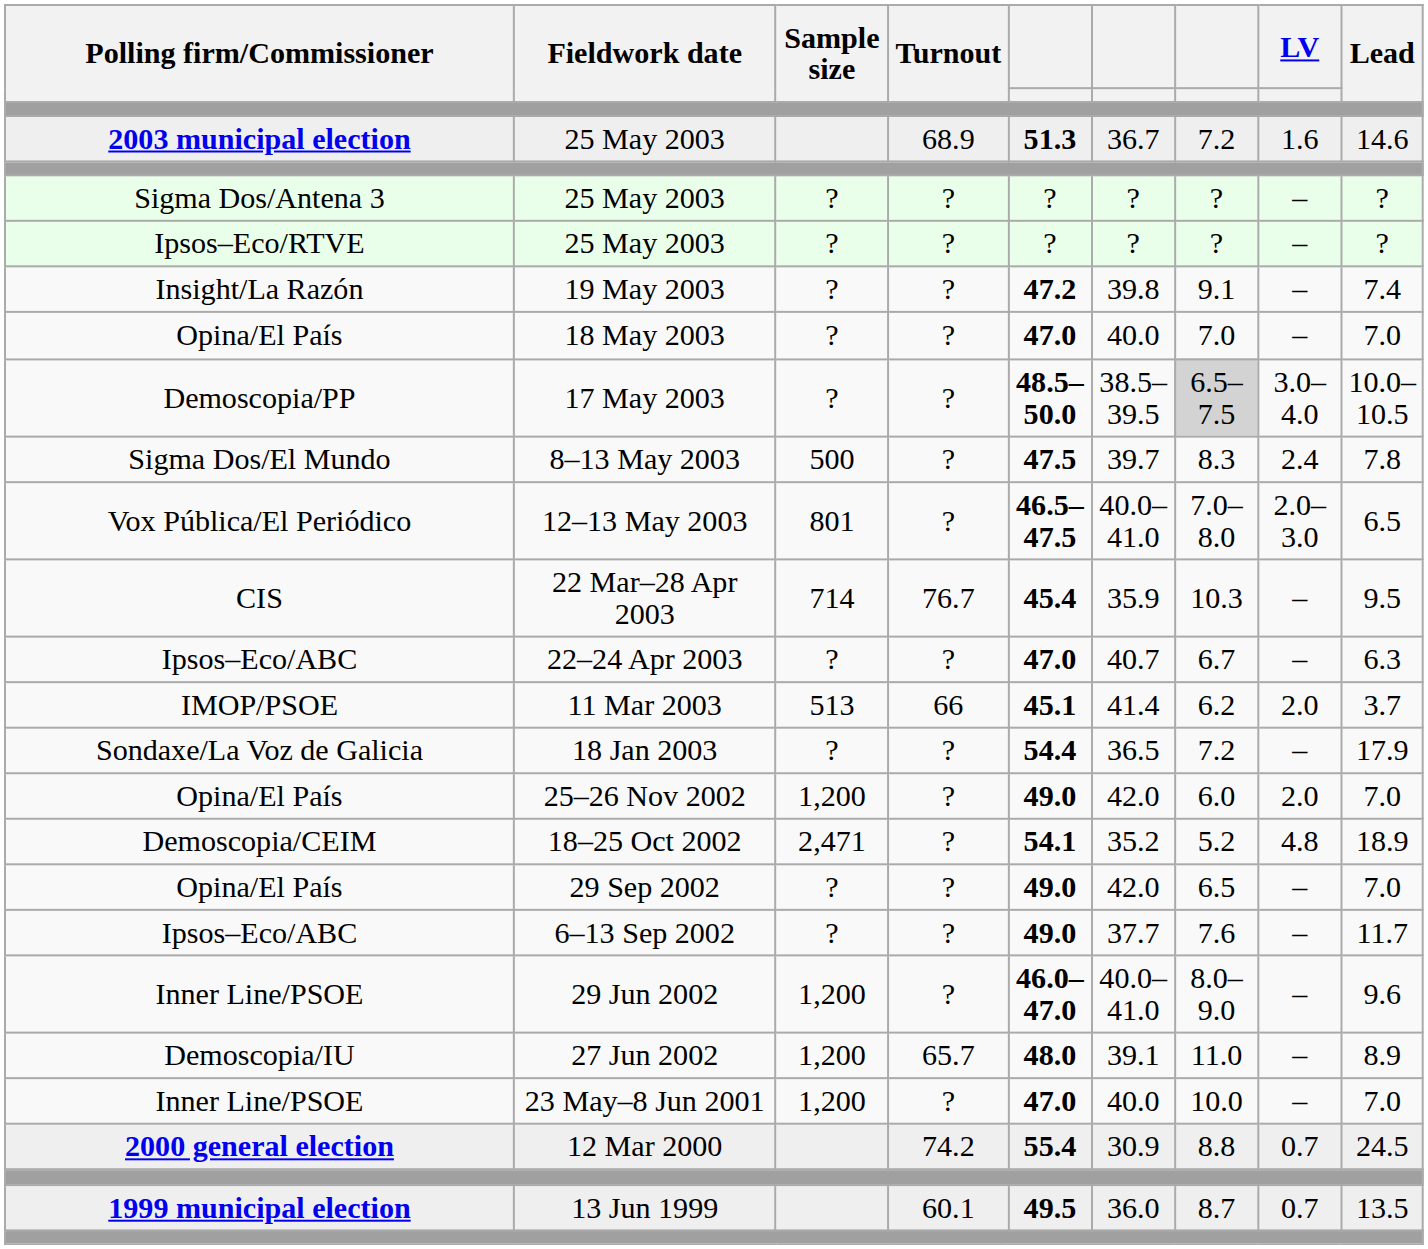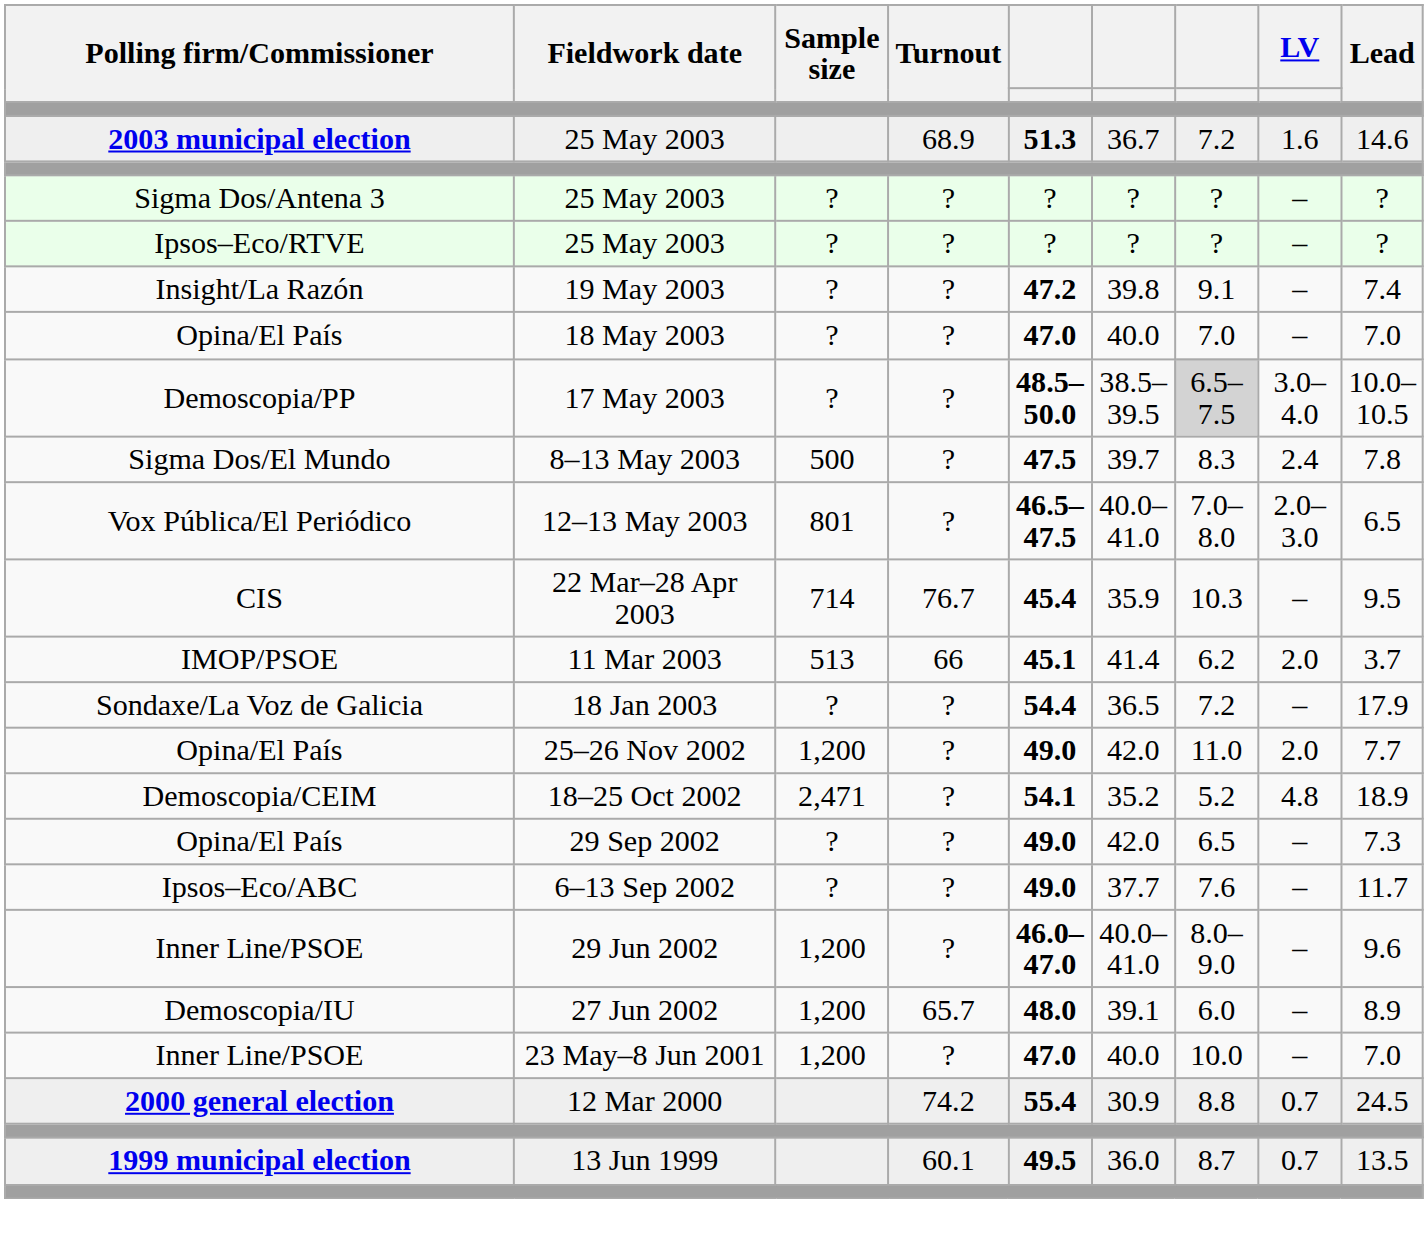 <table class="wikitable collapsible collapsed" style="text-align:center; font-size:95%; line-height:16px;">
 <tr style="height:42px;">
 <th style="width:250px;" rowspan="2">Polling firm/Commissioner</th>
 <th style="width:125px;" rowspan="2">Fieldwork date</th>
 <th style="width:50px;" rowspan="2">Sample size</th>
 <th style="width:45px;" rowspan="2">Turnout</th>
 <th style="width:35px;"></th>
 <th style="width:35px;"></th>
 <th style="width:35px;"></th>
 <th style="width:35px;"><a href='#'>LV</a></th>
 <th style="width:30px;" rowspan="2">Lead</th>
 </tr>
 <tr>
 <th style="color:inherit;background:"></th>
 <th style="color:inherit;background:"></th>
 <th style="color:inherit;background:"></th>
 <th style="color:inherit;background:"></th>
 </tr>
 <tr>
 <td colspan="9" style="background:#A0A0A0"></td>
 </tr>
 <tr style="background:#EFEFEF;">
 <td><strong><a href='#'>2003 municipal election</a></strong></td>
 <td>25 May 2003</td>
 <td></td>
 <td>68.9</td>
 <td><strong>51.3</strong><br></td>
 <td>36.7<br></td>
 <td>7.2<br></td>
 <td>1.6<br></td>
 <td style="background:">14.6</td>
 </tr>
 <tr>
 <td colspan="9" style="background:#A0A0A0"></td>
 </tr>
 <tr style="background:#EAFFEA;">
 <td>Sigma Dos/Antena 3</td>
 <td>25 May 2003</td>
 <td>?</td>
 <td>?</td>
 <td>?<br></td>
 <td>?<br></td>
 <td>?<br></td>
 <td>–</td>
 <td style="background:">?</td>
 </tr>
 <tr style="background:#EAFFEA;">
 <td>Ipsos–Eco/RTVE</td>
 <td>25 May 2003</td>
 <td>?</td>
 <td>?</td>
 <td>?<br></td>
 <td>?<br></td>
 <td>?<br></td>
 <td>–</td>
 <td style="background:">?</td>
 </tr>
 <tr>
 <td>Insight/La Razón</td>
 <td>19 May 2003</td>
 <td>?</td>
 <td>?</td>
 <td><strong>47.2</strong><br></td>
 <td>39.8<br></td>
 <td>9.1<br></td>
 <td>–</td>
 <td style="background:">7.4</td>
 </tr>
 <tr>
 <td>Opina/El País</td>
 <td>18 May 2003</td>
 <td>?</td>
 <td>?</td>
 <td><strong>47.0</strong><br></td>
 <td>40.0<br></td>
 <td>7.0<br></td>
 <td>–</td>
 <td style="background:">7.0</td>
 </tr>
 <tr>
 <td>Demoscopia/PP</td>
 <td>17 May 2003</td>
 <td>?</td>
 <td>?</td>
 <td><strong>48.5–<br>50.0</strong><br></td>
 <td>38.5–<br>39.5<br></td>
 <td style="background: lightgrey;">6.5–<br>7.5<br></td>
 <td>3.0–<br>4.0<br></td>
 <td style="background:">10.0–<br>10.5</td>
 </tr>
 <tr>
 <td>Sigma Dos/El Mundo</td>
 <td>8–13 May 2003</td>
 <td>500</td>
 <td>?</td>
 <td><strong>47.5</strong><br></td>
 <td>39.7<br></td>
 <td>8.3<br></td>
 <td>2.4<br></td>
 <td style="background:">7.8</td>
 </tr>
 <tr>
 <td>Vox Pública/El Periódico</td>
 <td>12–13 May 2003</td>
 <td>801</td>
 <td>?</td>
 <td><strong>46.5–<br>47.5</strong><br></td>
 <td>40.0–<br>41.0<br></td>
 <td>7.0–<br>8.0<br></td>
 <td>2.0–<br>3.0<br></td>
 <td style="background:">6.5</td>
 </tr>
 <tr>
 <td>CIS</td>
 <td>22 Mar–28 Apr 2003</td>
 <td>714</td>
 <td>76.7</td>
 <td><strong>45.4</strong><br></td>
 <td>35.9<br></td>
 <td>10.3<br></td>
 <td>–</td>
 <td style="background:">9.5</td>
 </tr>
 <tr>
-<td>Ipsos–Eco/ABC</td>
-<td>22–24 Apr 2003</td>
-<td>?</td>
-<td>?</td>
-<td><strong>47.0</strong><br></td>
-<td>40.7<br></td>
-<td>6.7<br></td>
-<td>–</td>
-<td style="background:">6.3</td>
-</tr>
-<tr>
 <td>IMOP/PSOE</td>
 <td>11 Mar 2003</td>
 <td>513</td>
 <td>66</td>
 <td><strong>45.1</strong><br></td>
 <td>41.4<br></td>
 <td>6.2<br></td>
 <td>2.0<br></td>
 <td style="background:">3.7</td>
 </tr>
 <tr>
 <td>Sondaxe/La Voz de Galicia</td>
 <td>18 Jan 2003</td>
 <td>?</td>
 <td>?</td>
 <td><strong>54.4</strong><br></td>
 <td>36.5<br></td>
 <td>7.2<br></td>
 <td>–</td>
 <td style="background:">17.9</td>
 </tr>
 <tr>
 <td>Opina/El País</td>
 <td>25–26 Nov 2002</td>
 <td>1,200</td>
 <td>?</td>
 <td><strong>49.0</strong><br></td>
 <td>42.0<br></td>
-<td>6.0<br></td>
+<td>11.0</td>
 <td>2.0<br></td>
-<td style="background:">7.0</td>
+<td style="background:">7.7</td>
 </tr>
 <tr>
 <td>Demoscopia/CEIM</td>
 <td>18–25 Oct 2002</td>
 <td>2,471</td>
 <td>?</td>
 <td><strong>54.1</strong></td>
 <td>35.2</td>
 <td>5.2</td>
 <td>4.8</td>
 <td style="background:">18.9</td>
 </tr>
 <tr>
 <td>Opina/El País</td>
 <td>29 Sep 2002</td>
 <td>?</td>
 <td>?</td>
 <td><strong>49.0</strong></td>
 <td>42.0</td>
 <td>6.5</td>
 <td>–</td>
-<td style="background:">7.0</td>
+<td style="background:">7.3</td>
 </tr>
 <tr>
 <td>Ipsos–Eco/ABC</td>
 <td>6–13 Sep 2002</td>
 <td>?</td>
 <td>?</td>
 <td><strong>49.0</strong><br></td>
 <td>37.7<br></td>
 <td>7.6<br></td>
 <td>–</td>
 <td style="background:">11.7</td>
 </tr>
 <tr>
 <td>Inner Line/PSOE</td>
 <td>29 Jun 2002</td>
 <td>1,200</td>
 <td>?</td>
 <td><strong>46.0–<br>47.0</strong></td>
 <td>40.0–<br>41.0</td>
 <td>8.0–<br>9.0</td>
 <td>–</td>
 <td style="background:">9.6</td>
 </tr>
 <tr>
 <td>Demoscopia/IU</td>
 <td>27 Jun 2002</td>
 <td>1,200</td>
 <td>65.7</td>
 <td><strong>48.0</strong></td>
 <td>39.1</td>
-<td>11.0</td>
+<td>6.0<br></td>
 <td>–</td>
 <td style="background:">8.9</td>
 </tr>
 <tr>
 <td>Inner Line/PSOE</td>
 <td>23 May–8 Jun 2001</td>
 <td>1,200</td>
 <td>?</td>
 <td><strong>47.0</strong><br></td>
 <td>40.0<br></td>
 <td>10.0<br></td>
 <td>–</td>
 <td style="background:">7.0</td>
 </tr>
 <tr style="background:#EFEFEF;">
 <td><strong><a href='#'>2000 general election</a></strong></td>
 <td>12 Mar 2000</td>
 <td></td>
 <td>74.2</td>
 <td><strong>55.4</strong><br></td>
 <td>30.9<br></td>
 <td>8.8<br></td>
 <td>0.7<br></td>
 <td style="background:">24.5</td>
 </tr>
 <tr>
 <td colspan="9" style="background:#A0A0A0"></td>
 </tr>
 <tr style="background:#EFEFEF;">
 <td><strong><a href='#'>1999 municipal election</a></strong></td>
 <td>13 Jun 1999</td>
 <td></td>
 <td>60.1</td>
 <td><strong>49.5</strong><br></td>
 <td>36.0<br></td>
 <td>8.7<br></td>
 <td>0.7<br></td>
 <td style="background:">13.5</td>
 </tr>
 <tr>
 <td colspan="9" style="background:#A0A0A0"></td>
 </tr>
 </table>
